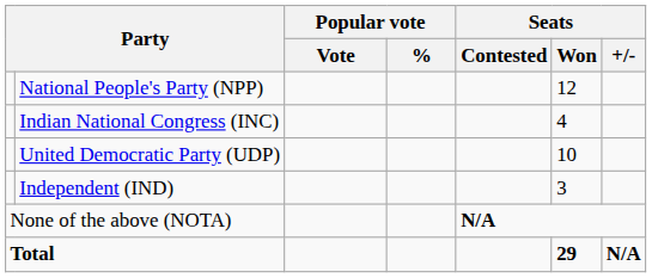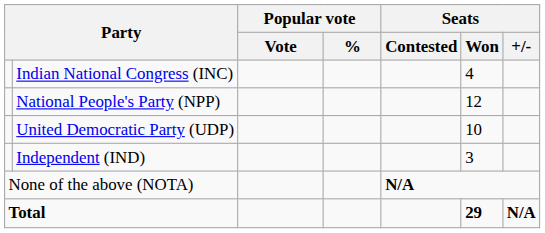 <table class="wikitable sortable" style="text-align:left; font-size:95%;">
 <tr>
 <th colspan="2" rowspan="2">Party</th>
 <th colspan="2">Popular vote</th>
 <th colspan="3">Seats</th>
 </tr>
 <tr>
 <th width="70">Vote</th>
 <th width="45">%</th>
 <th>Contested</th>
 <th>Won</th>
 <th>+/-</th>
 </tr>
 <tr>
+<td style="background-color: "></td>
+<td><a href='#'>Indian National Congress</a> (INC)</td>
+<td></td>
+<td></td>
+<td></td>
+<td>4</td>
+<td></td>
+</tr>
+<tr>
 <td style="background-color:"></td>
 <td><a href='#'>National People's Party</a> (NPP)</td>
 <td></td>
 <td></td>
 <td></td>
 <td>12</td>
-<td></td>
-</tr>
-<tr>
-<td style="background-color: "></td>
-<td><a href='#'>Indian National Congress</a> (INC)</td>
-<td></td>
-<td></td>
-<td></td>
-<td>4</td>
 <td></td>
 </tr>
 <tr>
 <td style="background-color: "></td>
 <td><a href='#'>United Democratic Party</a> (UDP)</td>
 <td></td>
 <td></td>
 <td></td>
 <td>10</td>
 <td></td>
 </tr>
 <tr>
 <td style="background-color: "></td>
 <td><a href='#'>Independent</a> (IND)</td>
 <td></td>
 <td></td>
 <td></td>
 <td>3</td>
 <td></td>
 </tr>
 <tr>
 <td colspan="2">None of the above (NOTA)</td>
 <td></td>
 <td></td>
 <td colspan="3"><strong>N/A</strong></td>
 </tr>
 <tr style="font-weight:bold;">
 <td align="left" colspan="2">Total</td>
 <td></td>
 <td></td>
 <td></td>
 <td><strong>29</strong></td>
 <td><strong>N/A</strong></td>
 </tr>
 </table>
